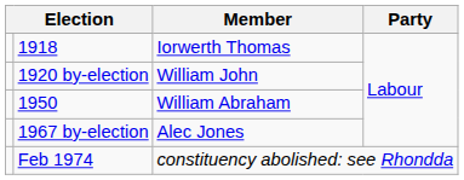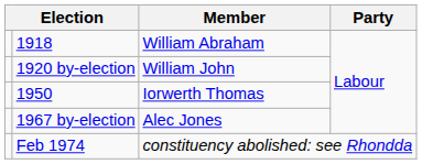 <table class="wikitable">
 <tr>
 <th colspan="2">Election</th>
 <th>Member</th>
 <th>Party</th>
 </tr>
 <tr>
 <td style="color:inherit;background-color: "></td>
 <td><a href='#'>1918</a></td>
-<td><a href='#'>Iorwerth Thomas</a></td>
+<td><a href='#'>William Abraham</a></td>
 <td rowspan="4"><a href='#'>Labour</a></td>
 </tr>
 <tr>
 <td style="color:inherit;background-color: "></td>
 <td><a href='#'>1920 by-election</a></td>
 <td><a href='#'>William John</a></td>
 </tr>
 <tr>
 <td style="color:inherit;background-color: "></td>
 <td><a href='#'>1950</a></td>
-<td><a href='#'>William Abraham</a></td>
+<td><a href='#'>Iorwerth Thomas</a></td>
 </tr>
 <tr>
 <td style="color:inherit;background-color: "></td>
 <td><a href='#'>1967 by-election</a></td>
 <td><a href='#'>Alec Jones</a></td>
 </tr>
 <tr>
 <td></td>
 <td><a href='#'>Feb 1974</a></td>
 <td colspan="2"><em>constituency abolished: see <a href='#'>Rhondda</a></em></td>
 </tr>
 </table>
